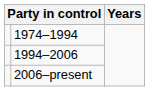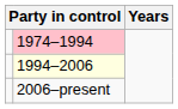 <table class="wikitable">
 <tr>
 <th colspan="2">Party in control</th>
 <th>Years</th>
 </tr>
 <tr>
 <td></td>
-<td>1974–1994</td>
+<td style="background: pink;">1974–1994</td>
 </tr>
 <tr>
 <td></td>
-<td>1994–2006</td>
+<td style="background: lightyellow;">1994–2006</td>
 </tr>
 <tr>
 <td></td>
 <td>2006–present</td>
 </tr>
 </table>
